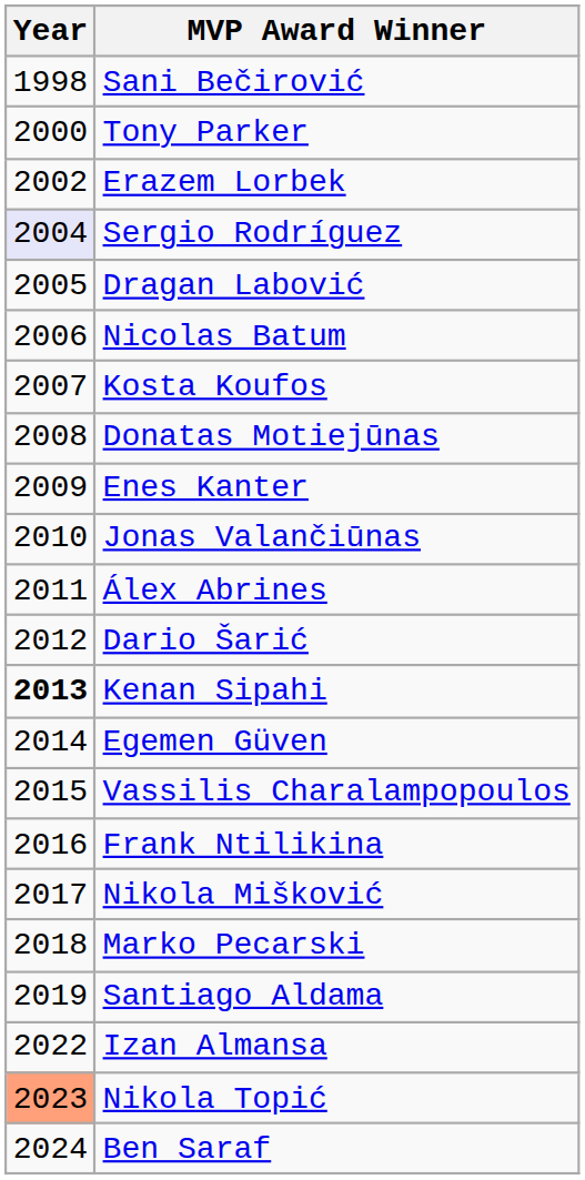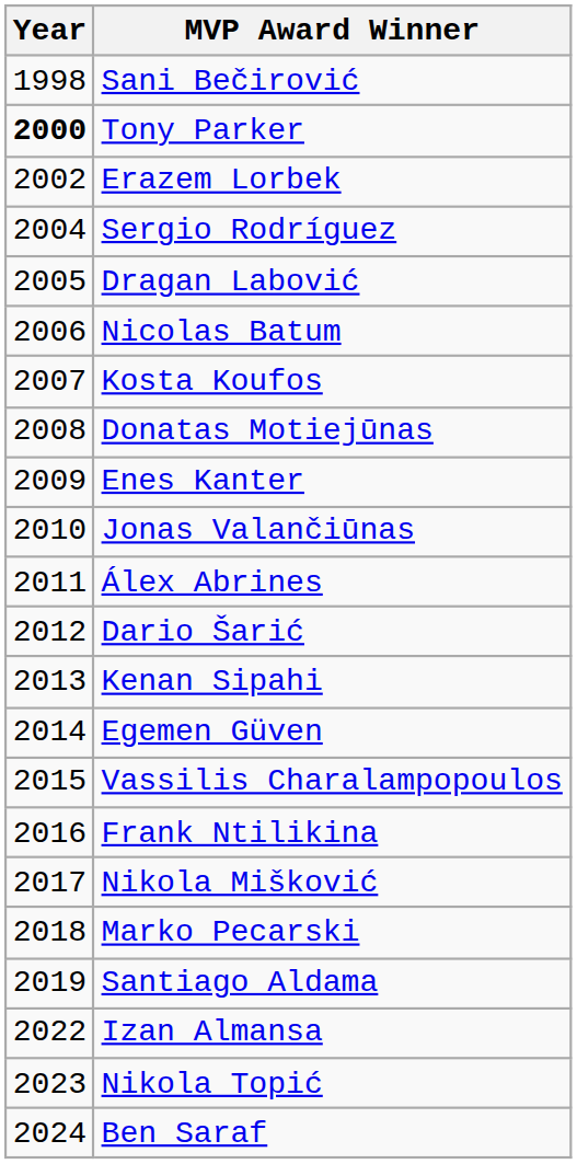 <table class=wikitable>
 <tr>
 <th>Year</th>
 <th>MVP Award Winner</th>
 </tr>
 <tr>
 <td>1998</td>
 <td> <a href='#'>Sani Bečirović</a></td>
 </tr>
 <tr>
-<td>2000</td>
+<td><strong>2000</strong></td>
 <td> <a href='#'>Tony Parker</a></td>
 </tr>
 <tr>
 <td>2002</td>
 <td> <a href='#'>Erazem Lorbek</a></td>
 </tr>
 <tr>
-<td style="background: lavender;">2004</td>
+<td>2004</td>
 <td> <a href='#'>Sergio Rodríguez</a></td>
 </tr>
 <tr>
 <td>2005</td>
 <td> <a href='#'>Dragan Labović</a></td>
 </tr>
 <tr>
 <td>2006</td>
 <td> <a href='#'>Nicolas Batum</a></td>
 </tr>
 <tr>
 <td>2007</td>
 <td> <a href='#'>Kosta Koufos</a></td>
 </tr>
 <tr>
 <td>2008</td>
 <td> <a href='#'>Donatas Motiejūnas</a></td>
 </tr>
 <tr>
 <td>2009</td>
 <td> <a href='#'>Enes Kanter</a></td>
 </tr>
 <tr>
 <td>2010</td>
 <td> <a href='#'>Jonas Valančiūnas</a></td>
 </tr>
 <tr>
 <td>2011</td>
 <td> <a href='#'>Álex Abrines</a></td>
 </tr>
 <tr>
 <td>2012</td>
 <td> <a href='#'>Dario Šarić</a></td>
 </tr>
 <tr>
-<td><strong>2013</strong></td>
+<td>2013</td>
 <td> <a href='#'>Kenan Sipahi</a></td>
 </tr>
 <tr>
 <td>2014</td>
 <td> <a href='#'>Egemen Güven</a></td>
 </tr>
 <tr>
 <td>2015</td>
 <td> <a href='#'>Vassilis Charalampopoulos</a></td>
 </tr>
 <tr>
 <td>2016</td>
 <td> <a href='#'>Frank Ntilikina</a></td>
 </tr>
 <tr>
 <td>2017</td>
 <td> <a href='#'>Nikola Mišković</a></td>
 </tr>
 <tr>
 <td>2018</td>
 <td> <a href='#'>Marko Pecarski</a></td>
 </tr>
 <tr>
 <td>2019</td>
 <td> <a href='#'>Santiago Aldama</a></td>
 </tr>
 <tr>
 <td>2022</td>
 <td> <a href='#'>Izan Almansa</a></td>
 </tr>
 <tr>
-<td style="background: lightsalmon;">2023</td>
+<td>2023</td>
 <td> <a href='#'>Nikola Topić</a></td>
 </tr>
 <tr>
 <td>2024</td>
 <td> <a href='#'>Ben Saraf</a></td>
 </tr>
 </table>
